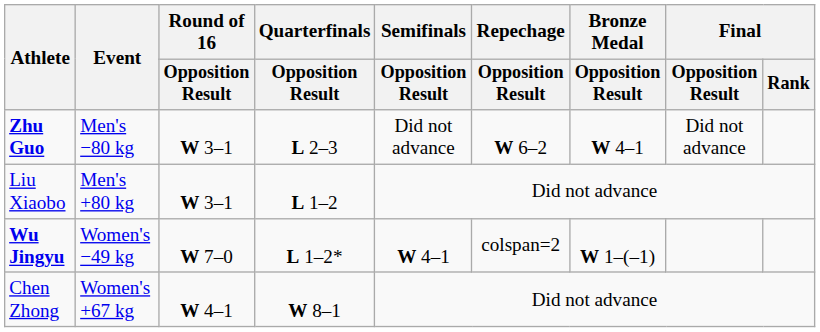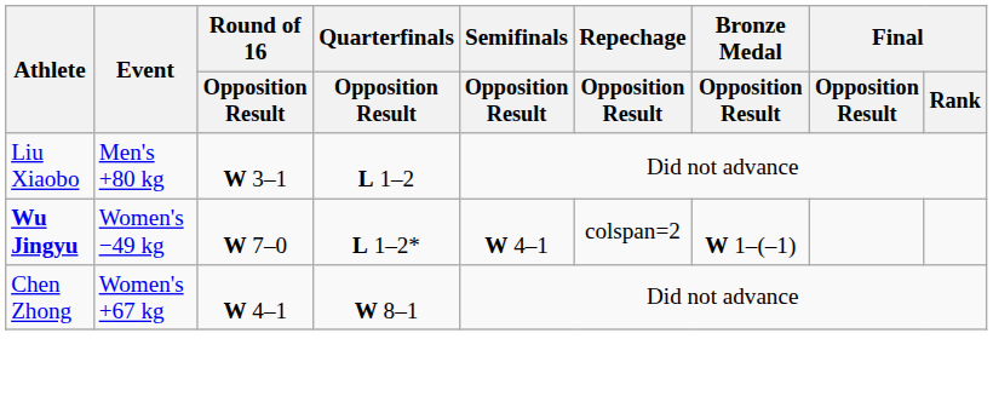 <table class="wikitable" style="font-size:90%">
 <tr>
 <th rowspan="2">Athlete</th>
 <th rowspan="2">Event</th>
 <th>Round of 16</th>
 <th>Quarterfinals</th>
 <th>Semifinals</th>
 <th>Repechage</th>
 <th>Bronze Medal</th>
 <th colspan=2>Final</th>
 </tr>
 <tr style="font-size:95%">
 <th>Opposition<br>Result</th>
 <th>Opposition<br>Result</th>
 <th>Opposition<br>Result</th>
 <th>Opposition<br>Result</th>
 <th>Opposition<br>Result</th>
 <th>Opposition<br>Result</th>
 <th>Rank</th>
-</tr>
-<tr align=center>
-<td align=left><strong><a href='#'>Zhu Guo</a></strong></td>
-<td align=left><a href='#'>Men's −80 kg</a></td>
-<td><br><strong>W</strong> 3–1</td>
-<td><br><strong>L</strong> 2–3</td>
-<td>Did not advance</td>
-<td><br><strong>W</strong> 6–2</td>
-<td><br><strong>W</strong> 4–1</td>
-<td>Did not advance</td>
-<td></td>
 </tr>
 <tr align=center>
 <td align=left><a href='#'>Liu Xiaobo</a></td>
 <td align=left><a href='#'>Men's +80 kg</a></td>
 <td><br><strong>W</strong> 3–1</td>
 <td><br><strong>L</strong> 1–2</td>
 <td colspan=5>Did not advance</td>
 </tr>
 <tr align=center>
 <td align=left><strong><a href='#'>Wu Jingyu</a></strong></td>
 <td align=left><a href='#'>Women's −49 kg</a></td>
 <td><br><strong>W</strong> 7–0</td>
 <td><br><strong>L</strong> 1–2*</td>
 <td><br><strong>W</strong> 4–1</td>
 <td>colspan=2 </td>
 <td><br><strong>W</strong> 1–(–1)</td>
 <td></td>
 </tr>
 <tr align=center>
 <td align=left><a href='#'>Chen Zhong</a></td>
 <td align=left><a href='#'>Women's +67 kg</a></td>
 <td><br><strong>W</strong> 4–1</td>
 <td><br><strong>W</strong> 8–1</td>
 <td colspan=5>Did not advance</td>
 </tr>
 </table>
